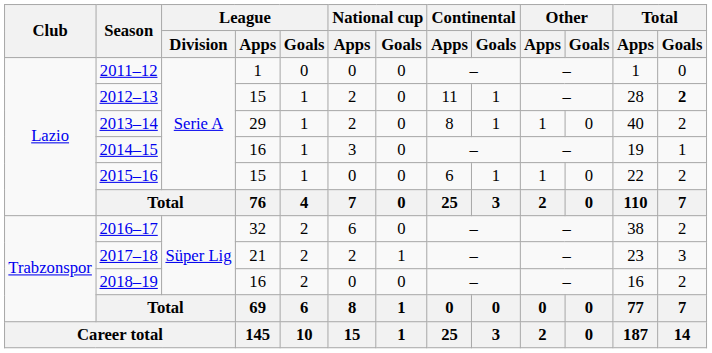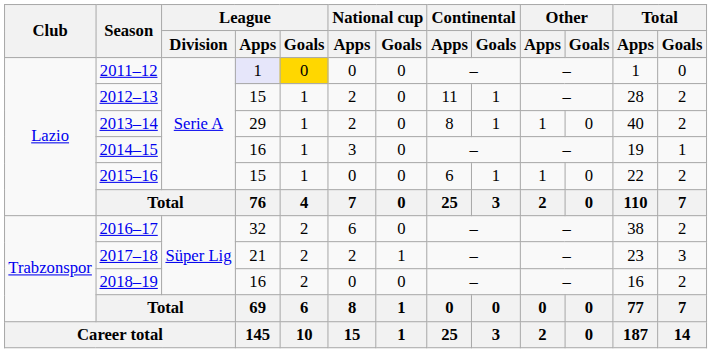 <table class="wikitable" style="text-align:center">
 <tr>
 <th rowspan="2">Club</th>
 <th rowspan="2">Season</th>
 <th colspan="3">League</th>
 <th colspan="2">National cup</th>
 <th colspan="2">Continental</th>
 <th colspan="2">Other</th>
 <th colspan="2">Total</th>
 </tr>
 <tr>
 <th>Division</th>
 <th>Apps</th>
 <th>Goals</th>
 <th>Apps</th>
 <th>Goals</th>
 <th>Apps</th>
 <th>Goals</th>
 <th>Apps</th>
 <th>Goals</th>
 <th>Apps</th>
 <th>Goals</th>
 </tr>
 <tr>
 <td rowspan="6"><a href='#'>Lazio</a></td>
 <td><a href='#'>2011–12</a></td>
 <td rowspan="5"><a href='#'>Serie A</a></td>
-<td>1</td>
-<td>0</td>
+<td style="background: lavender;">1</td>
+<td style="background: gold;">0</td>
 <td>0</td>
 <td>0</td>
 <td colspan="2">–</td>
 <td colspan="2">–</td>
 <td>1</td>
 <td>0</td>
 </tr>
 <tr>
 <td><a href='#'>2012–13</a></td>
 <td>15</td>
 <td>1</td>
 <td>2</td>
 <td>0</td>
 <td>11</td>
 <td>1</td>
 <td colspan="2">–</td>
 <td>28</td>
-<td><strong>2</strong></td>
+<td>2</td>
 </tr>
 <tr>
 <td><a href='#'>2013–14</a></td>
 <td>29</td>
 <td>1</td>
 <td>2</td>
 <td>0</td>
 <td>8</td>
 <td>1</td>
 <td>1</td>
 <td>0</td>
 <td>40</td>
 <td>2</td>
 </tr>
 <tr>
 <td><a href='#'>2014–15</a></td>
 <td>16</td>
 <td>1</td>
 <td>3</td>
 <td>0</td>
 <td colspan="2">–</td>
 <td colspan="2">–</td>
 <td>19</td>
 <td>1</td>
 </tr>
 <tr>
 <td><a href='#'>2015–16</a></td>
 <td>15</td>
 <td>1</td>
 <td>0</td>
 <td>0</td>
 <td>6</td>
 <td>1</td>
 <td>1</td>
 <td>0</td>
 <td>22</td>
 <td>2</td>
 </tr>
 <tr>
 <th colspan="2">Total</th>
 <th>76</th>
 <th>4</th>
 <th>7</th>
 <th>0</th>
 <th>25</th>
 <th>3</th>
 <th>2</th>
 <th>0</th>
 <th>110</th>
 <th>7</th>
 </tr>
 <tr>
 <td rowspan="4"><a href='#'>Trabzonspor</a></td>
 <td><a href='#'>2016–17</a></td>
 <td rowspan="3"><a href='#'>Süper Lig</a></td>
 <td>32</td>
 <td>2</td>
 <td>6</td>
 <td>0</td>
 <td colspan="2">–</td>
 <td colspan="2">–</td>
 <td>38</td>
 <td>2</td>
 </tr>
 <tr>
 <td><a href='#'>2017–18</a></td>
 <td>21</td>
 <td>2</td>
 <td>2</td>
 <td>1</td>
 <td colspan="2">–</td>
 <td colspan="2">–</td>
 <td>23</td>
 <td>3</td>
 </tr>
 <tr>
 <td><a href='#'>2018–19</a></td>
 <td>16</td>
 <td>2</td>
 <td>0</td>
 <td>0</td>
 <td colspan="2">–</td>
 <td colspan="2">–</td>
 <td>16</td>
 <td>2</td>
 </tr>
 <tr>
 <th colspan="2">Total</th>
 <th>69</th>
 <th>6</th>
 <th>8</th>
 <th>1</th>
 <th>0</th>
 <th>0</th>
 <th>0</th>
 <th>0</th>
 <th>77</th>
 <th>7</th>
 </tr>
 <tr>
 <th colspan="3">Career total</th>
 <th>145</th>
 <th>10</th>
 <th>15</th>
 <th>1</th>
 <th>25</th>
 <th>3</th>
 <th>2</th>
 <th>0</th>
 <th>187</th>
 <th>14</th>
 </tr>
 </table>
